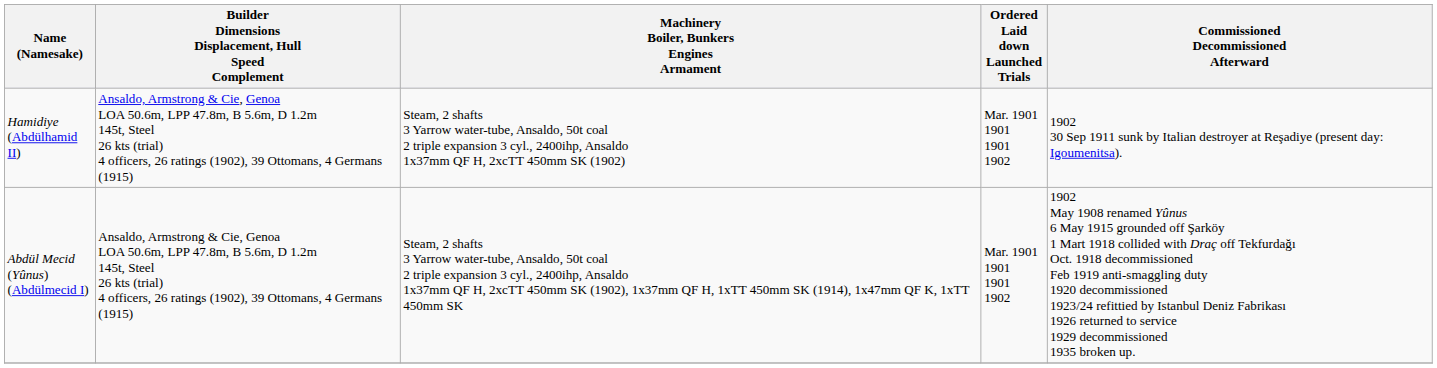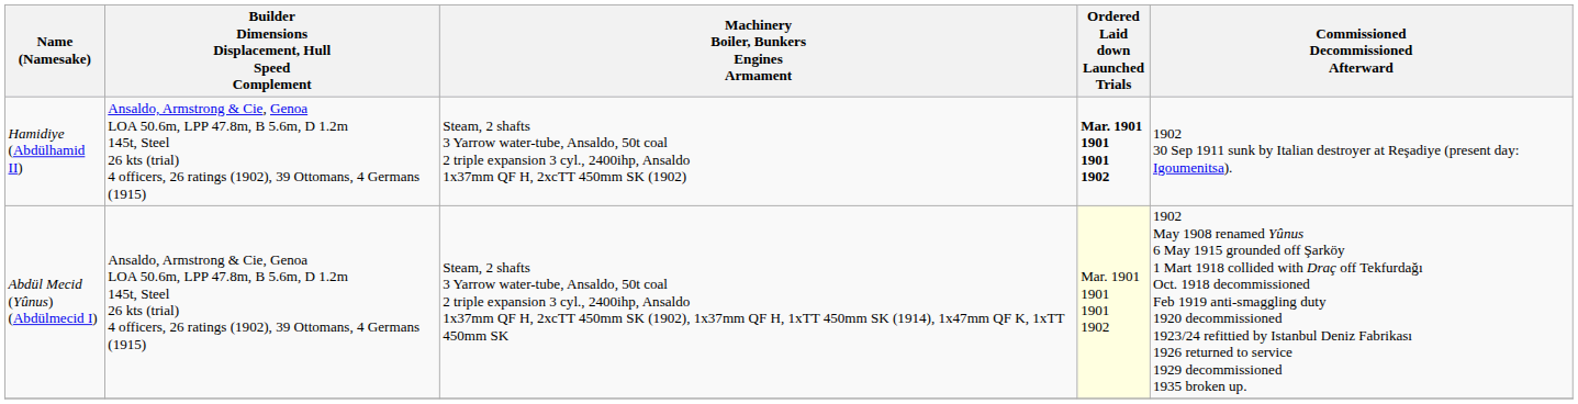 <table class="wikitable" style="font-size:90%;">
 <tr bgcolor="#e6e9ff">
 <th>Name<br>(Namesake)</th>
 <th>Builder<br>Dimensions<br>Displacement, Hull<br>Speed<br>Complement</th>
 <th>Machinery<br>Boiler, Bunkers<br>Engines<br>Armament</th>
 <th>Ordered<br>Laid down<br>Launched<br>Trials</th>
 <th>Commissioned<br>Decommissioned<br>Afterward</th>
 </tr>
 <tr ---->
 <td><em>Hamidiye</em><br>(<a href='#'>Abdülhamid II</a>)</td>
 <td> <a href='#'>Ansaldo, Armstrong & Cie</a>, <a href='#'>Genoa</a><br>LOA 50.6m, LPP 47.8m, B 5.6m, D 1.2m<br>145t, Steel<br>26 kts (trial)<br>4 officers, 26 ratings (1902), 39 Ottomans, 4 Germans (1915)</td>
 <td>Steam, 2 shafts<br>3 Yarrow water-tube, Ansaldo, 50t coal<br>2 triple expansion 3 cyl., 2400ihp, Ansaldo<br>1x37mm QF H, 2xcTT 450mm SK (1902)</td>
-<td>Mar. 1901<br>1901<br>1901<br>1902</td>
+<td><strong>Mar. 1901<br>1901<br>1901<br>1902</strong></td>
 <td>1902<br>30 Sep 1911 sunk by Italian destroyer at Reşadiye (present day: <a href='#'>Igoumenitsa</a>).</td>
 </tr>
 <tr ---->
 <td><em>Abdül Mecid</em><br>(<em>Yûnus</em>)<br>(<a href='#'>Abdülmecid I</a>)</td>
 <td> Ansaldo, Armstrong & Cie, Genoa<br>LOA 50.6m, LPP 47.8m, B 5.6m, D 1.2m<br>145t, Steel<br>26 kts (trial)<br>4 officers, 26 ratings (1902), 39 Ottomans, 4 Germans (1915)</td>
 <td>Steam, 2 shafts<br>3 Yarrow water-tube, Ansaldo, 50t coal<br>2 triple expansion 3 cyl., 2400ihp, Ansaldo<br>1x37mm QF H, 2xcTT 450mm SK (1902), 1x37mm QF H, 1xTT 450mm SK (1914), 1x47mm QF K, 1xTT 450mm SK</td>
-<td>Mar. 1901<br>1901<br>1901<br>1902</td>
+<td style="background: lightyellow;">Mar. 1901<br>1901<br>1901<br>1902</td>
 <td>1902<br>May 1908 renamed <em>Yûnus</em><br>6 May 1915 grounded off Şarköy<br>1 Mart 1918 collided with <em>Draç</em> off Tekfurdağı<br>Oct. 1918 decommissioned<br>Feb 1919 anti-smaggling duty<br>1920 decommissioned<br>1923/24 refittied by Istanbul Deniz Fabrikası<br>1926 returned to service<br>1929 decommissioned<br>1935 broken up.</td>
 </tr>
 <tr ---->
 </tr>
 </table>
